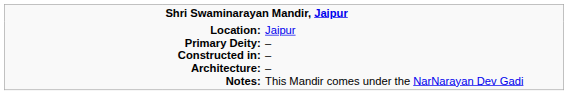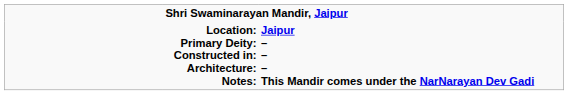 <table class="wikitable plain" border="0" width="800">
 <tr>
 <td width="220px" rowspan="2" style="border:none;"></td>
 <td valign="top" colspan=2 style="border:none;"><strong>Shri Swaminarayan Mandir, <a href='#'>Jaipur</a></strong></td>
 </tr>
 <tr>
 <td valign="top" style="text-align:right; border:none;"><strong>Location:</strong><br><strong>Primary Deity:</strong><br><strong>Constructed in:</strong><br><strong>Architecture:</strong><br><strong>Notes:</strong></td>
-<td valign="top" style="border:none;"><a href='#'>Jaipur</a> <br>– <br>– <br>– <br>This Mandir comes under the <a href='#'>NarNarayan Dev Gadi</a></td>
+<td valign="top" style="border:none;"><strong><a href='#'>Jaipur</a> <br>– <br>– <br>– <br>This Mandir comes under the <a href='#'>NarNarayan Dev Gadi</a></strong></td>
 </tr>
 </table>
